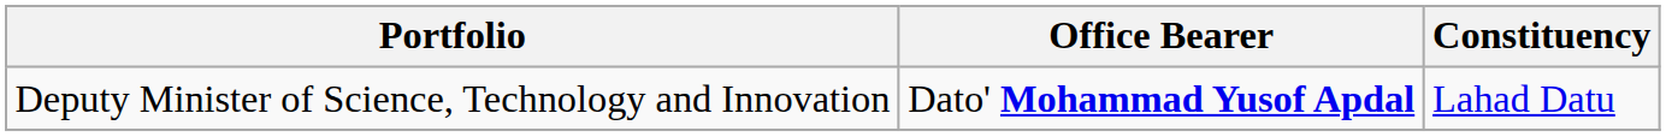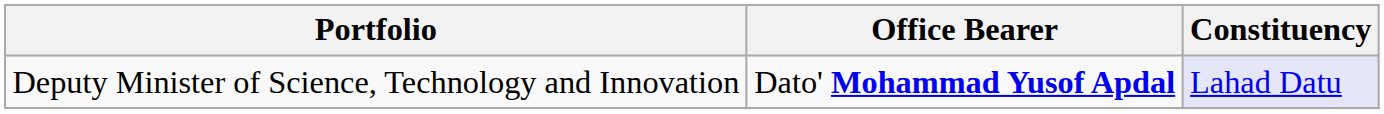 <table class="sortable wikitable">
 <tr>
 <th>Portfolio</th>
 <th>Office Bearer</th>
 <th>Constituency</th>
 </tr>
 <tr>
 <td>Deputy Minister of Science, Technology and Innovation</td>
 <td>Dato' <strong><a href='#'>Mohammad Yusof Apdal</a></strong> </td>
-<td><a href='#'>Lahad Datu</a></td>
+<td style="background: lavender;"><a href='#'>Lahad Datu</a></td>
 </tr>
 <tr>
 </tr>
 </table>
